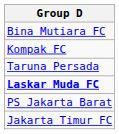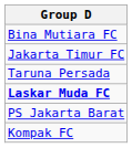 <table class="wikitable">
 <tr>
 <th><strong>Group D</strong></th>
 </tr>
 <tr>
 <td><a href='#'>Bina Mutiara FC</a></td>
 </tr>
 <tr>
-<td><a href='#'>Kompak FC</a></td>
+<td><a href='#'>Jakarta Timur FC</a></td>
 </tr>
 <tr>
 <td><a href='#'>Taruna Persada</a></td>
 </tr>
 <tr>
 <td><strong><a href='#'>Laskar Muda FC</a></strong></td>
 </tr>
 <tr>
 <td><a href='#'>PS Jakarta Barat</a></td>
 </tr>
 <tr>
-<td><a href='#'>Jakarta Timur FC</a></td>
+<td><a href='#'>Kompak FC</a></td>
 </tr>
 </table>
